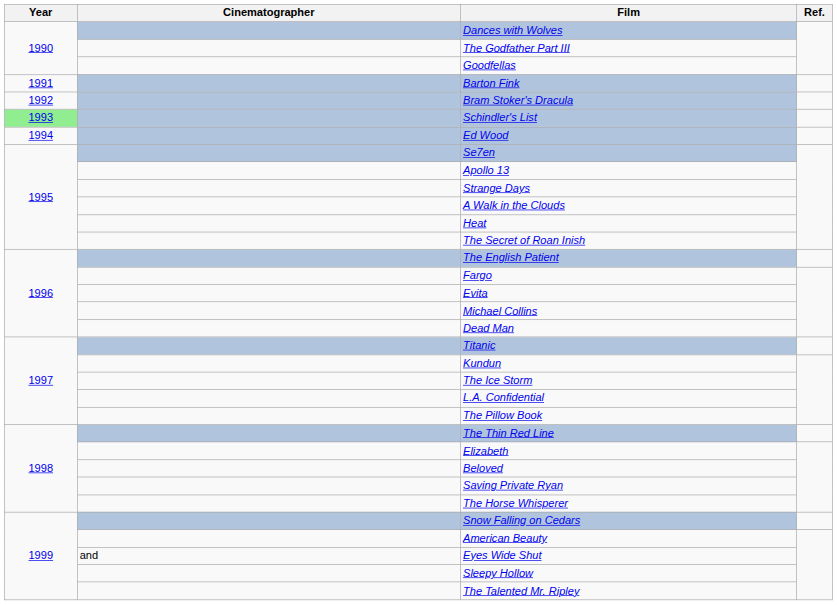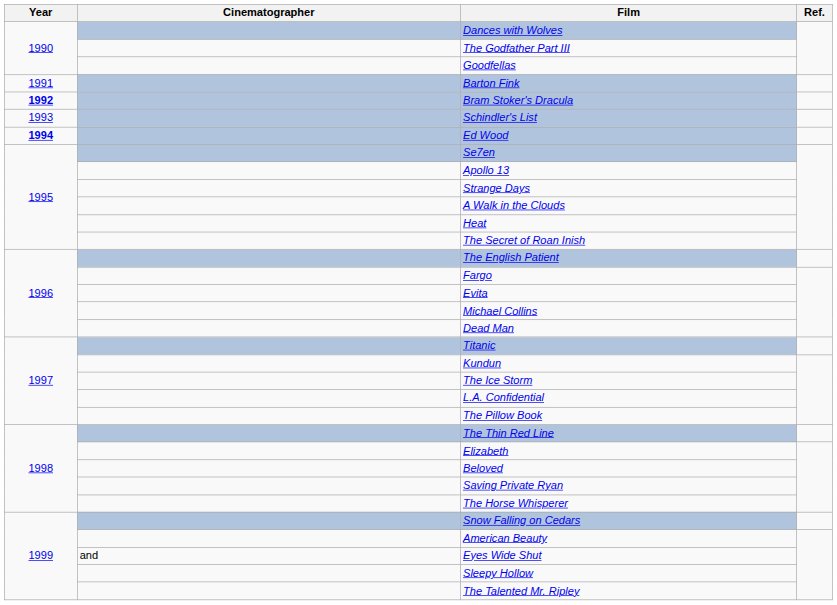 <table class="wikitable sortable" width="95%" cellpadding="5">
 <tr>
 <th scope="col" width="70">Year</th>
 <th scope="col" width="400">Cinematographer</th>
 <th scope="col" width="350">Film</th>
 <th scope="col" width="30">Ref.</th>
 </tr>
 <tr>
 <td rowspan="3" style="text-align:center;"><a href='#'>1990</a></td>
 <td style="background:#B0C4DE;"></td>
 <td style="background:#B0C4DE;"><em><a href='#'>Dances with Wolves</a></em></td>
 <td rowspan="3" align="center"></td>
 </tr>
 <tr>
 <td></td>
 <td><em><a href='#'>The Godfather Part III</a></em></td>
 </tr>
 <tr>
 <td></td>
 <td><em><a href='#'>Goodfellas</a></em></td>
 </tr>
 <tr>
 <td style="text-align:center;"><a href='#'>1991</a></td>
 <td style="background:#B0C4DE;"></td>
 <td style="background:#B0C4DE;"><em><a href='#'>Barton Fink</a></em></td>
 <td align="center"></td>
 </tr>
 <tr>
-<td style="text-align:center;"><a href='#'>1992</a></td>
+<td style="text-align:center;"><strong><a href='#'>1992</a></strong></td>
 <td style="background:#B0C4DE;"></td>
 <td style="background:#B0C4DE;"><em><a href='#'>Bram Stoker's Dracula</a></em></td>
 <td align="center"></td>
 </tr>
 <tr>
-<td style="background: lightgreen; text-align:center;"><a href='#'>1993</a></td>
+<td style="text-align:center;"><a href='#'>1993</a></td>
 <td style="background:#B0C4DE;"></td>
 <td style="background:#B0C4DE;"><em><a href='#'>Schindler's List</a></em></td>
 <td align="center"></td>
 </tr>
 <tr>
-<td style="text-align:center;"><a href='#'>1994</a></td>
+<td style="text-align:center;"><strong><a href='#'>1994</a></strong></td>
 <td style="background:#B0C4DE;"></td>
 <td style="background:#B0C4DE;"><em><a href='#'>Ed Wood</a></em></td>
 <td align="center"></td>
 </tr>
 <tr>
 <td rowspan="6" style="text-align:center;"><a href='#'>1995</a></td>
 <td style="background:#B0C4DE;"></td>
 <td style="background:#B0C4DE;"><em><a href='#'>Se7en</a></em></td>
 <td rowspan="6" align="center"></td>
 </tr>
 <tr>
 <td></td>
 <td><em><a href='#'>Apollo 13</a></em></td>
 </tr>
 <tr>
 <td></td>
 <td><em><a href='#'>Strange Days</a></em></td>
 </tr>
 <tr>
 <td></td>
 <td><em><a href='#'>A Walk in the Clouds</a></em></td>
 </tr>
 <tr>
 <td></td>
 <td><em><a href='#'>Heat</a></em></td>
 </tr>
 <tr>
 <td></td>
 <td><em><a href='#'>The Secret of Roan Inish</a></em></td>
 </tr>
 <tr>
 <td rowspan="5" style="text-align:center;"><a href='#'>1996</a></td>
 <td style="background:#B0C4DE;"></td>
 <td style="background:#B0C4DE;"><em><a href='#'>The English Patient</a></em></td>
 <td align="center"></td>
 </tr>
 <tr>
 <td></td>
 <td><em><a href='#'>Fargo</a></em></td>
 <td rowspan="4" align="center"></td>
 </tr>
 <tr>
 <td></td>
 <td><em><a href='#'>Evita</a></em></td>
 </tr>
 <tr>
 <td></td>
 <td><em><a href='#'>Michael Collins</a></em></td>
 </tr>
 <tr>
 <td></td>
 <td><em><a href='#'>Dead Man</a></em></td>
 </tr>
 <tr>
 <td rowspan="5" style="text-align:center;"><a href='#'>1997</a></td>
 <td style="background:#B0C4DE;"></td>
 <td style="background:#B0C4DE;"><em><a href='#'>Titanic</a></em></td>
 <td align="center"></td>
 </tr>
 <tr>
 <td></td>
 <td><em><a href='#'>Kundun</a></em></td>
 <td rowspan="4" align="center"></td>
 </tr>
 <tr>
 <td></td>
 <td><em><a href='#'>The Ice Storm</a></em></td>
 </tr>
 <tr>
 <td></td>
 <td><em><a href='#'>L.A. Confidential</a></em></td>
 </tr>
 <tr>
 <td></td>
 <td><em><a href='#'>The Pillow Book</a></em></td>
 </tr>
 <tr>
 <td rowspan="5" style="text-align:center;"><a href='#'>1998</a></td>
 <td style="background:#B0C4DE;"></td>
 <td style="background:#B0C4DE;"><em><a href='#'>The Thin Red Line</a></em></td>
 <td align="center"></td>
 </tr>
 <tr>
 <td></td>
 <td><em><a href='#'>Elizabeth</a></em></td>
 <td rowspan="4" align="center"></td>
 </tr>
 <tr>
 <td></td>
 <td><em><a href='#'>Beloved</a></em></td>
 </tr>
 <tr>
 <td></td>
 <td><em><a href='#'>Saving Private Ryan</a></em></td>
 </tr>
 <tr>
 <td></td>
 <td><em><a href='#'>The Horse Whisperer</a></em></td>
 </tr>
 <tr>
 <td rowspan="5" style="text-align:center;"><a href='#'>1999</a></td>
 <td style="background:#B0C4DE;"></td>
 <td style="background:#B0C4DE;"><em><a href='#'>Snow Falling on Cedars</a></em></td>
 <td align="center"></td>
 </tr>
 <tr>
 <td></td>
 <td><em><a href='#'>American Beauty</a></em></td>
 <td rowspan="4" align="center"></td>
 </tr>
 <tr>
 <td> and </td>
 <td><em><a href='#'>Eyes Wide Shut</a></em></td>
 </tr>
 <tr>
 <td></td>
 <td><em><a href='#'>Sleepy Hollow</a></em></td>
 </tr>
 <tr>
 <td></td>
 <td><em><a href='#'>The Talented Mr. Ripley</a></em></td>
 </tr>
 </table>
